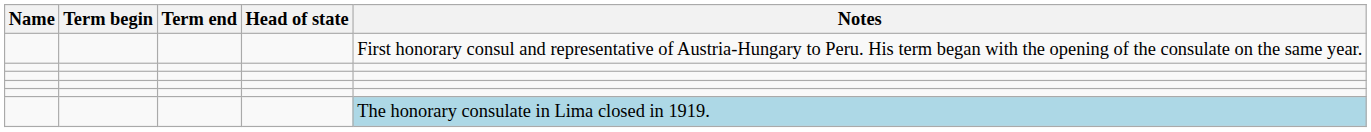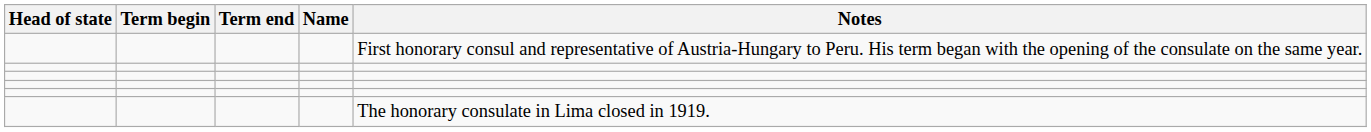 <table class="wikitable sortable"  text-align:center;">
 <tr>
-<th>Name</th>
+<th>Head of state</th>
 <th>Term begin</th>
 <th>Term end</th>
-<th>Head of state</th>
+<th>Name</th>
 <th class="unsortable">Notes</th>
 </tr>
 <tr>
 <td></td>
 <td></td>
 <td></td>
 <td></td>
 <td>First honorary consul and representative of Austria-Hungary to Peru. His term began with the opening of the consulate on the same year.</td>
 </tr>
 <tr>
 <td></td>
 <td></td>
 <td></td>
 <td></td>
 <td></td>
 </tr>
 <tr>
 <td></td>
 <td></td>
 <td></td>
 <td></td>
 <td></td>
 </tr>
 <tr>
 <td></td>
 <td></td>
 <td></td>
 <td></td>
 <td></td>
 </tr>
 <tr>
 <td></td>
 <td></td>
 <td></td>
 <td></td>
 <td></td>
 </tr>
 <tr>
 <td></td>
 <td></td>
 <td></td>
 <td></td>
-<td style="background: lightblue;">The honorary consulate in Lima closed in 1919.</td>
+<td>The honorary consulate in Lima closed in 1919.</td>
 </tr>
 </table>
